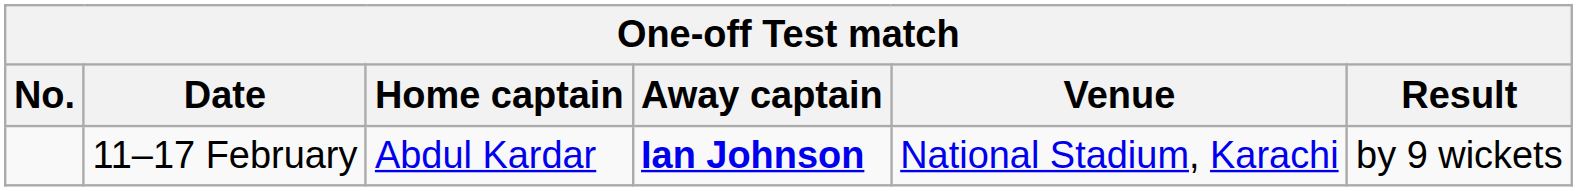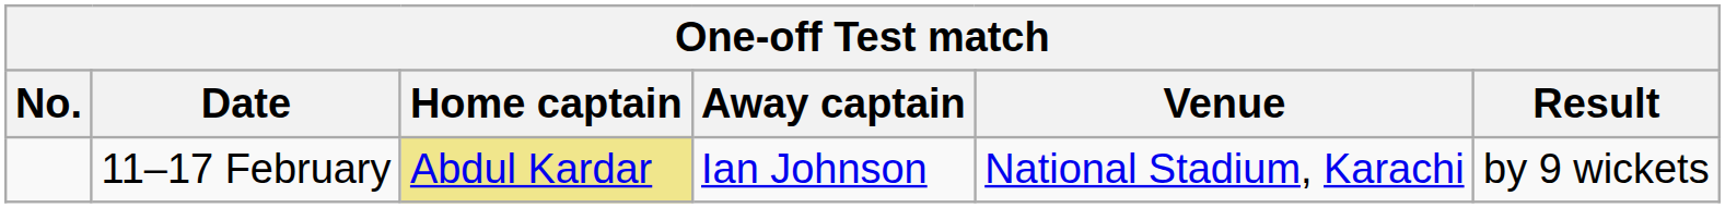 <table class="wikitable">
 <tr>
 <th colspan="9">One-off Test match</th>
 </tr>
 <tr>
 <th>No.</th>
 <th>Date</th>
 <th>Home captain</th>
 <th>Away captain</th>
 <th>Venue</th>
 <th>Result</th>
 </tr>
 <tr>
 <td></td>
 <td>11–17 February</td>
-<td><a href='#'>Abdul Kardar</a></td>
-<td><strong><a href='#'>Ian Johnson</a></strong></td>
+<td style="background: khaki;"><a href='#'>Abdul Kardar</a></td>
+<td><a href='#'>Ian Johnson</a></td>
 <td><a href='#'>National Stadium</a>, <a href='#'>Karachi</a></td>
 <td> by 9 wickets</td>
 </tr>
 </table>
